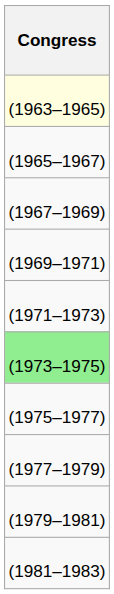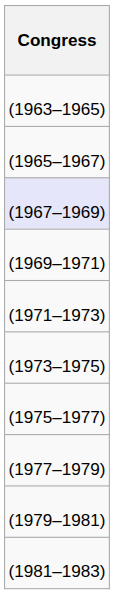 <table class="wikitable" style="float:left; margin:0; margin-right:-0.5px; margin-top:14px; text-align:center;">
 <tr style="white-space:nowrap; height:4.04em;">
 <th>Congress</th>
 </tr>
 <tr style="white-space:nowrap; height:3em;">
-<td style="background: lightyellow;"><strong></strong><br>(1963–1965)</td>
+<td><strong></strong><br>(1963–1965)</td>
 </tr>
 <tr style="white-space:nowrap; height:3em">
 <td><strong></strong><br>(1965–1967)</td>
 </tr>
 <tr style="white-space:nowrap; height:3em">
-<td><strong></strong><br>(1967–1969)</td>
+<td style="background: lavender;"><strong></strong><br>(1967–1969)</td>
 </tr>
 <tr style="white-space:nowrap; height:3em">
 <td><strong></strong><br>(1969–1971)</td>
 </tr>
 <tr style="white-space:nowrap; height:3em">
 <td><strong></strong><br>(1971–1973)</td>
 </tr>
 <tr style="white-space:nowrap; height:3em;">
-<td style="background: lightgreen;"><strong></strong><br>(1973–1975)</td>
+<td><strong></strong><br>(1973–1975)</td>
 </tr>
 <tr style="white-space:nowrap; height:3em">
 <td><strong></strong><br>(1975–1977)</td>
 </tr>
 <tr style="white-space:nowrap; height:3em">
 <td><strong></strong><br>(1977–1979)</td>
 </tr>
 <tr style="white-space:nowrap; height:3em">
 <td><strong></strong><br>(1979–1981)</td>
 </tr>
 <tr style="white-space:nowrap; height:3em">
 <td><strong></strong><br>(1981–1983)</td>
 </tr>
 </table>
